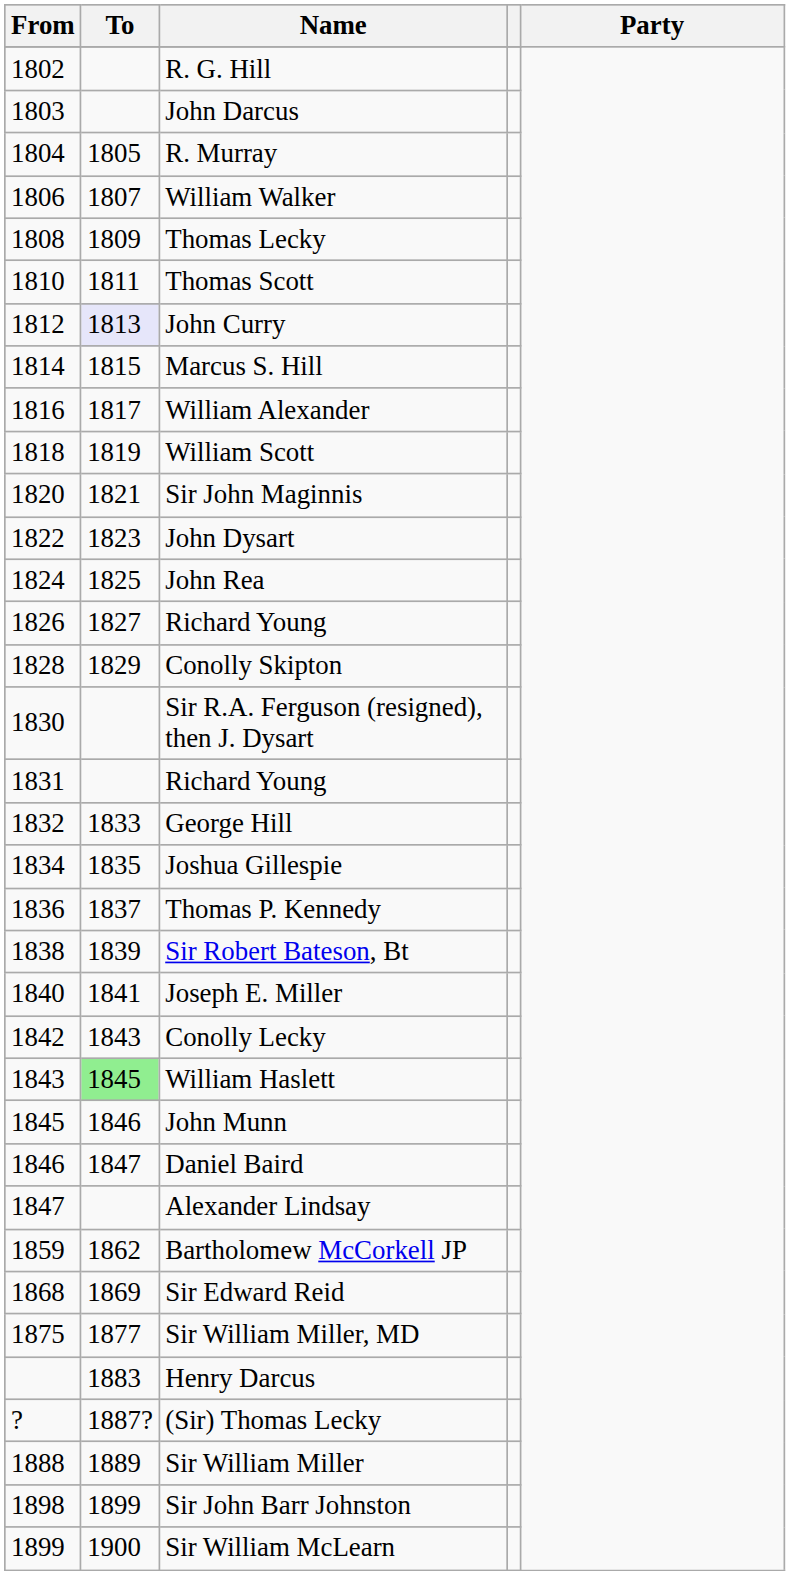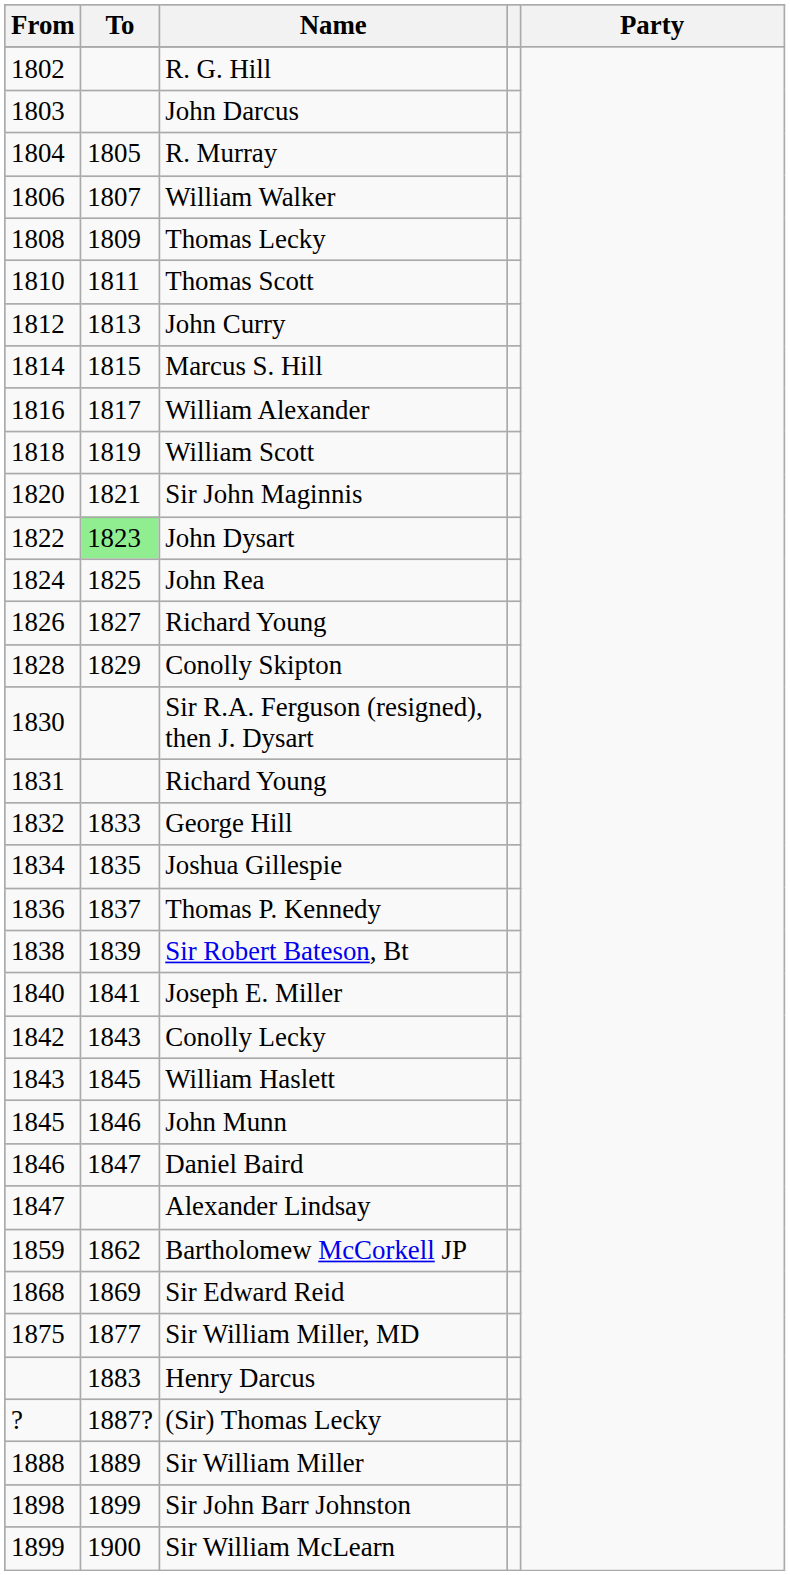 <table class="wikitable sortable">
 <tr>
 <th>From</th>
 <th>To</th>
 <th scope="col" width="200">Name</th>
 <th class="unsortable"></th>
 <th scope="col" width="150">Party</th>
 </tr>
 <tr>
 </tr>
 <tr>
 </tr>
 <tr>
 <td>1802</td>
 <td></td>
 <td>R. G. Hill</td>
 <td></td>
 </tr>
 <tr>
 <td>1803</td>
 <td></td>
 <td>John Darcus</td>
 <td></td>
 </tr>
 <tr>
 <td>1804</td>
 <td>1805</td>
 <td>R. Murray</td>
 <td></td>
 </tr>
 <tr>
 <td>1806</td>
 <td>1807</td>
 <td>William Walker</td>
 <td></td>
 </tr>
 <tr>
 <td>1808</td>
 <td>1809</td>
 <td>Thomas Lecky</td>
 <td></td>
 </tr>
 <tr>
 <td>1810</td>
 <td>1811</td>
 <td>Thomas Scott</td>
 <td></td>
 </tr>
 <tr>
 <td>1812</td>
-<td style="background: lavender;">1813</td>
+<td>1813</td>
 <td>John Curry</td>
 <td></td>
 </tr>
 <tr>
 <td>1814</td>
 <td>1815</td>
 <td>Marcus S. Hill</td>
 <td></td>
 </tr>
 <tr>
 <td>1816</td>
 <td>1817</td>
 <td>William Alexander</td>
 <td></td>
 </tr>
 <tr>
 <td>1818</td>
 <td>1819</td>
 <td>William Scott</td>
 <td></td>
 </tr>
 <tr>
 <td>1820</td>
 <td>1821</td>
 <td>Sir John Maginnis</td>
 <td></td>
 </tr>
 <tr>
 <td>1822</td>
-<td>1823</td>
+<td style="background: lightgreen;">1823</td>
 <td>John Dysart</td>
 <td></td>
 </tr>
 <tr>
 <td>1824</td>
 <td>1825</td>
 <td>John Rea</td>
 <td></td>
 </tr>
 <tr>
 <td>1826</td>
 <td>1827</td>
 <td>Richard Young</td>
 <td></td>
 </tr>
 <tr>
 <td>1828</td>
 <td>1829</td>
 <td>Conolly Skipton</td>
 <td></td>
 </tr>
 <tr>
 <td>1830</td>
 <td></td>
 <td>Sir R.A. Ferguson (resigned), then J. Dysart</td>
 <td></td>
 </tr>
 <tr>
 <td>1831</td>
 <td></td>
 <td>Richard Young</td>
 <td></td>
 </tr>
 <tr>
 <td>1832</td>
 <td>1833</td>
 <td>George Hill</td>
 <td></td>
 </tr>
 <tr>
 <td>1834</td>
 <td>1835</td>
 <td>Joshua Gillespie</td>
 <td></td>
 </tr>
 <tr>
 <td>1836</td>
 <td>1837</td>
 <td>Thomas P. Kennedy</td>
 <td></td>
 </tr>
 <tr>
 <td>1838</td>
 <td>1839</td>
 <td><a href='#'>Sir Robert Bateson</a>, Bt</td>
 <td></td>
 </tr>
 <tr>
 <td>1840</td>
 <td>1841</td>
 <td>Joseph E. Miller</td>
 <td></td>
 </tr>
 <tr>
 <td>1842</td>
 <td>1843</td>
 <td>Conolly Lecky</td>
 <td></td>
 </tr>
 <tr>
 <td>1843</td>
-<td style="background: lightgreen;">1845</td>
+<td>1845</td>
 <td>William Haslett</td>
 <td></td>
 </tr>
 <tr>
 <td>1845</td>
 <td>1846</td>
 <td>John Munn</td>
 <td></td>
 </tr>
 <tr>
 <td>1846</td>
 <td>1847</td>
 <td>Daniel Baird</td>
 <td></td>
 </tr>
 <tr>
 <td>1847</td>
 <td></td>
 <td>Alexander Lindsay</td>
 <td></td>
 </tr>
 <tr>
 <td>1859</td>
 <td>1862</td>
 <td>Bartholomew <a href='#'>McCorkell</a> JP</td>
 <td></td>
 </tr>
 <tr>
 <td>1868</td>
 <td>1869</td>
 <td>Sir Edward Reid</td>
 <td></td>
 </tr>
 <tr>
 <td>1875</td>
 <td>1877</td>
 <td>Sir William Miller, MD</td>
 <td></td>
 </tr>
 <tr>
 <td></td>
 <td>1883</td>
 <td>Henry Darcus</td>
 <td></td>
 </tr>
 <tr>
 <td>?</td>
 <td>1887?</td>
 <td>(Sir) Thomas Lecky</td>
 <td></td>
 </tr>
 <tr>
 <td>1888</td>
 <td>1889</td>
 <td>Sir William Miller</td>
 <td></td>
 </tr>
 <tr>
 <td>1898</td>
 <td>1899</td>
 <td>Sir John Barr Johnston</td>
 <td></td>
 </tr>
 <tr>
 <td>1899</td>
 <td>1900</td>
 <td>Sir William McLearn</td>
 <td></td>
 </tr>
 <tr>
 </tr>
 </table>
